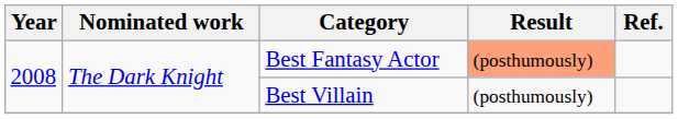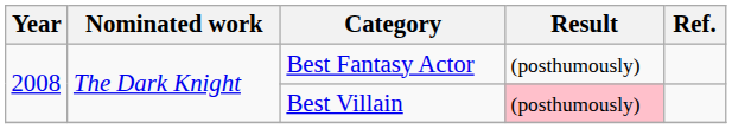 <table class="wikitable sortable" width=75%>
 <tr>
 <th width = 33px>Year</th>
 <th>Nominated work</th>
 <th>Category</th>
 <th>Result</th>
 <th width = 33px>Ref.</th>
 </tr>
 <tr>
 <td rowspan=2><a href='#'>2008</a></td>
 <td rowspan=2><em><a href='#'>The Dark Knight</a></em></td>
 <td><a href='#'>Best Fantasy Actor</a></td>
-<td style="background: lightsalmon;"> <small>(posthumously)</small></td>
+<td> <small>(posthumously)</small></td>
 <td></td>
 </tr>
 <tr>
 <td><a href='#'>Best Villain</a></td>
-<td> <small>(posthumously)</small></td>
+<td style="background: pink;"> <small>(posthumously)</small></td>
 <td></td>
 </tr>
 <tr>
 </tr>
 </table>
